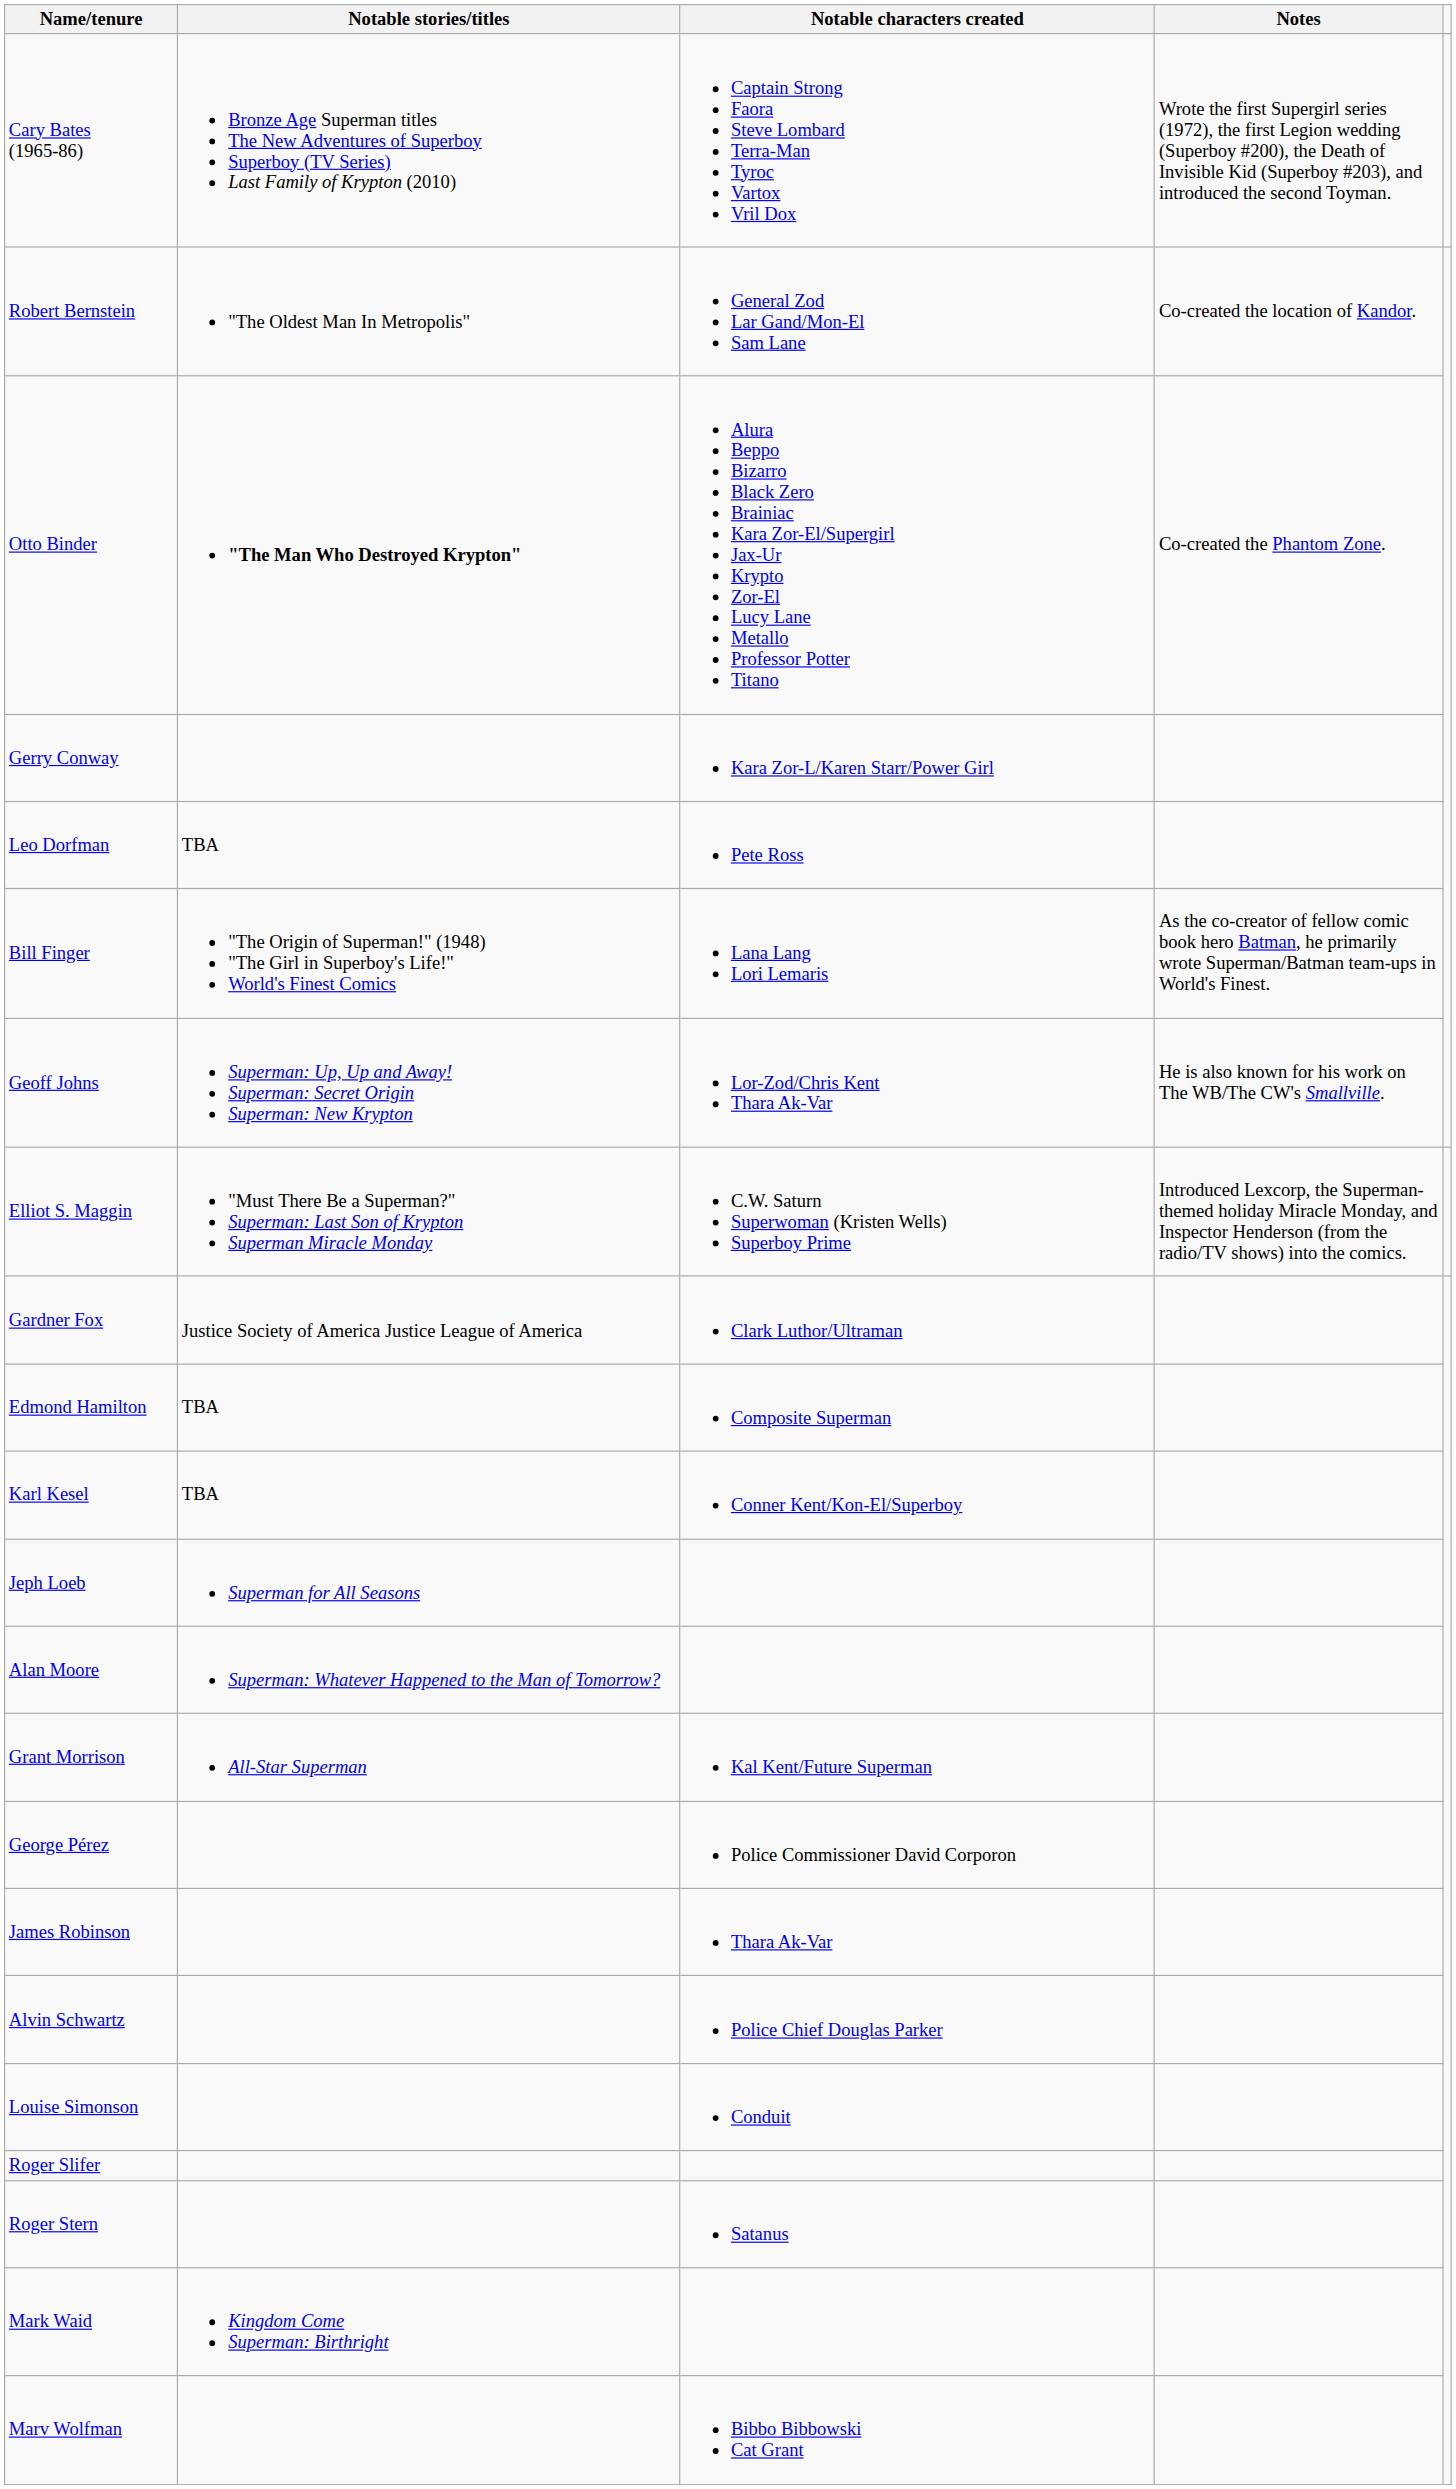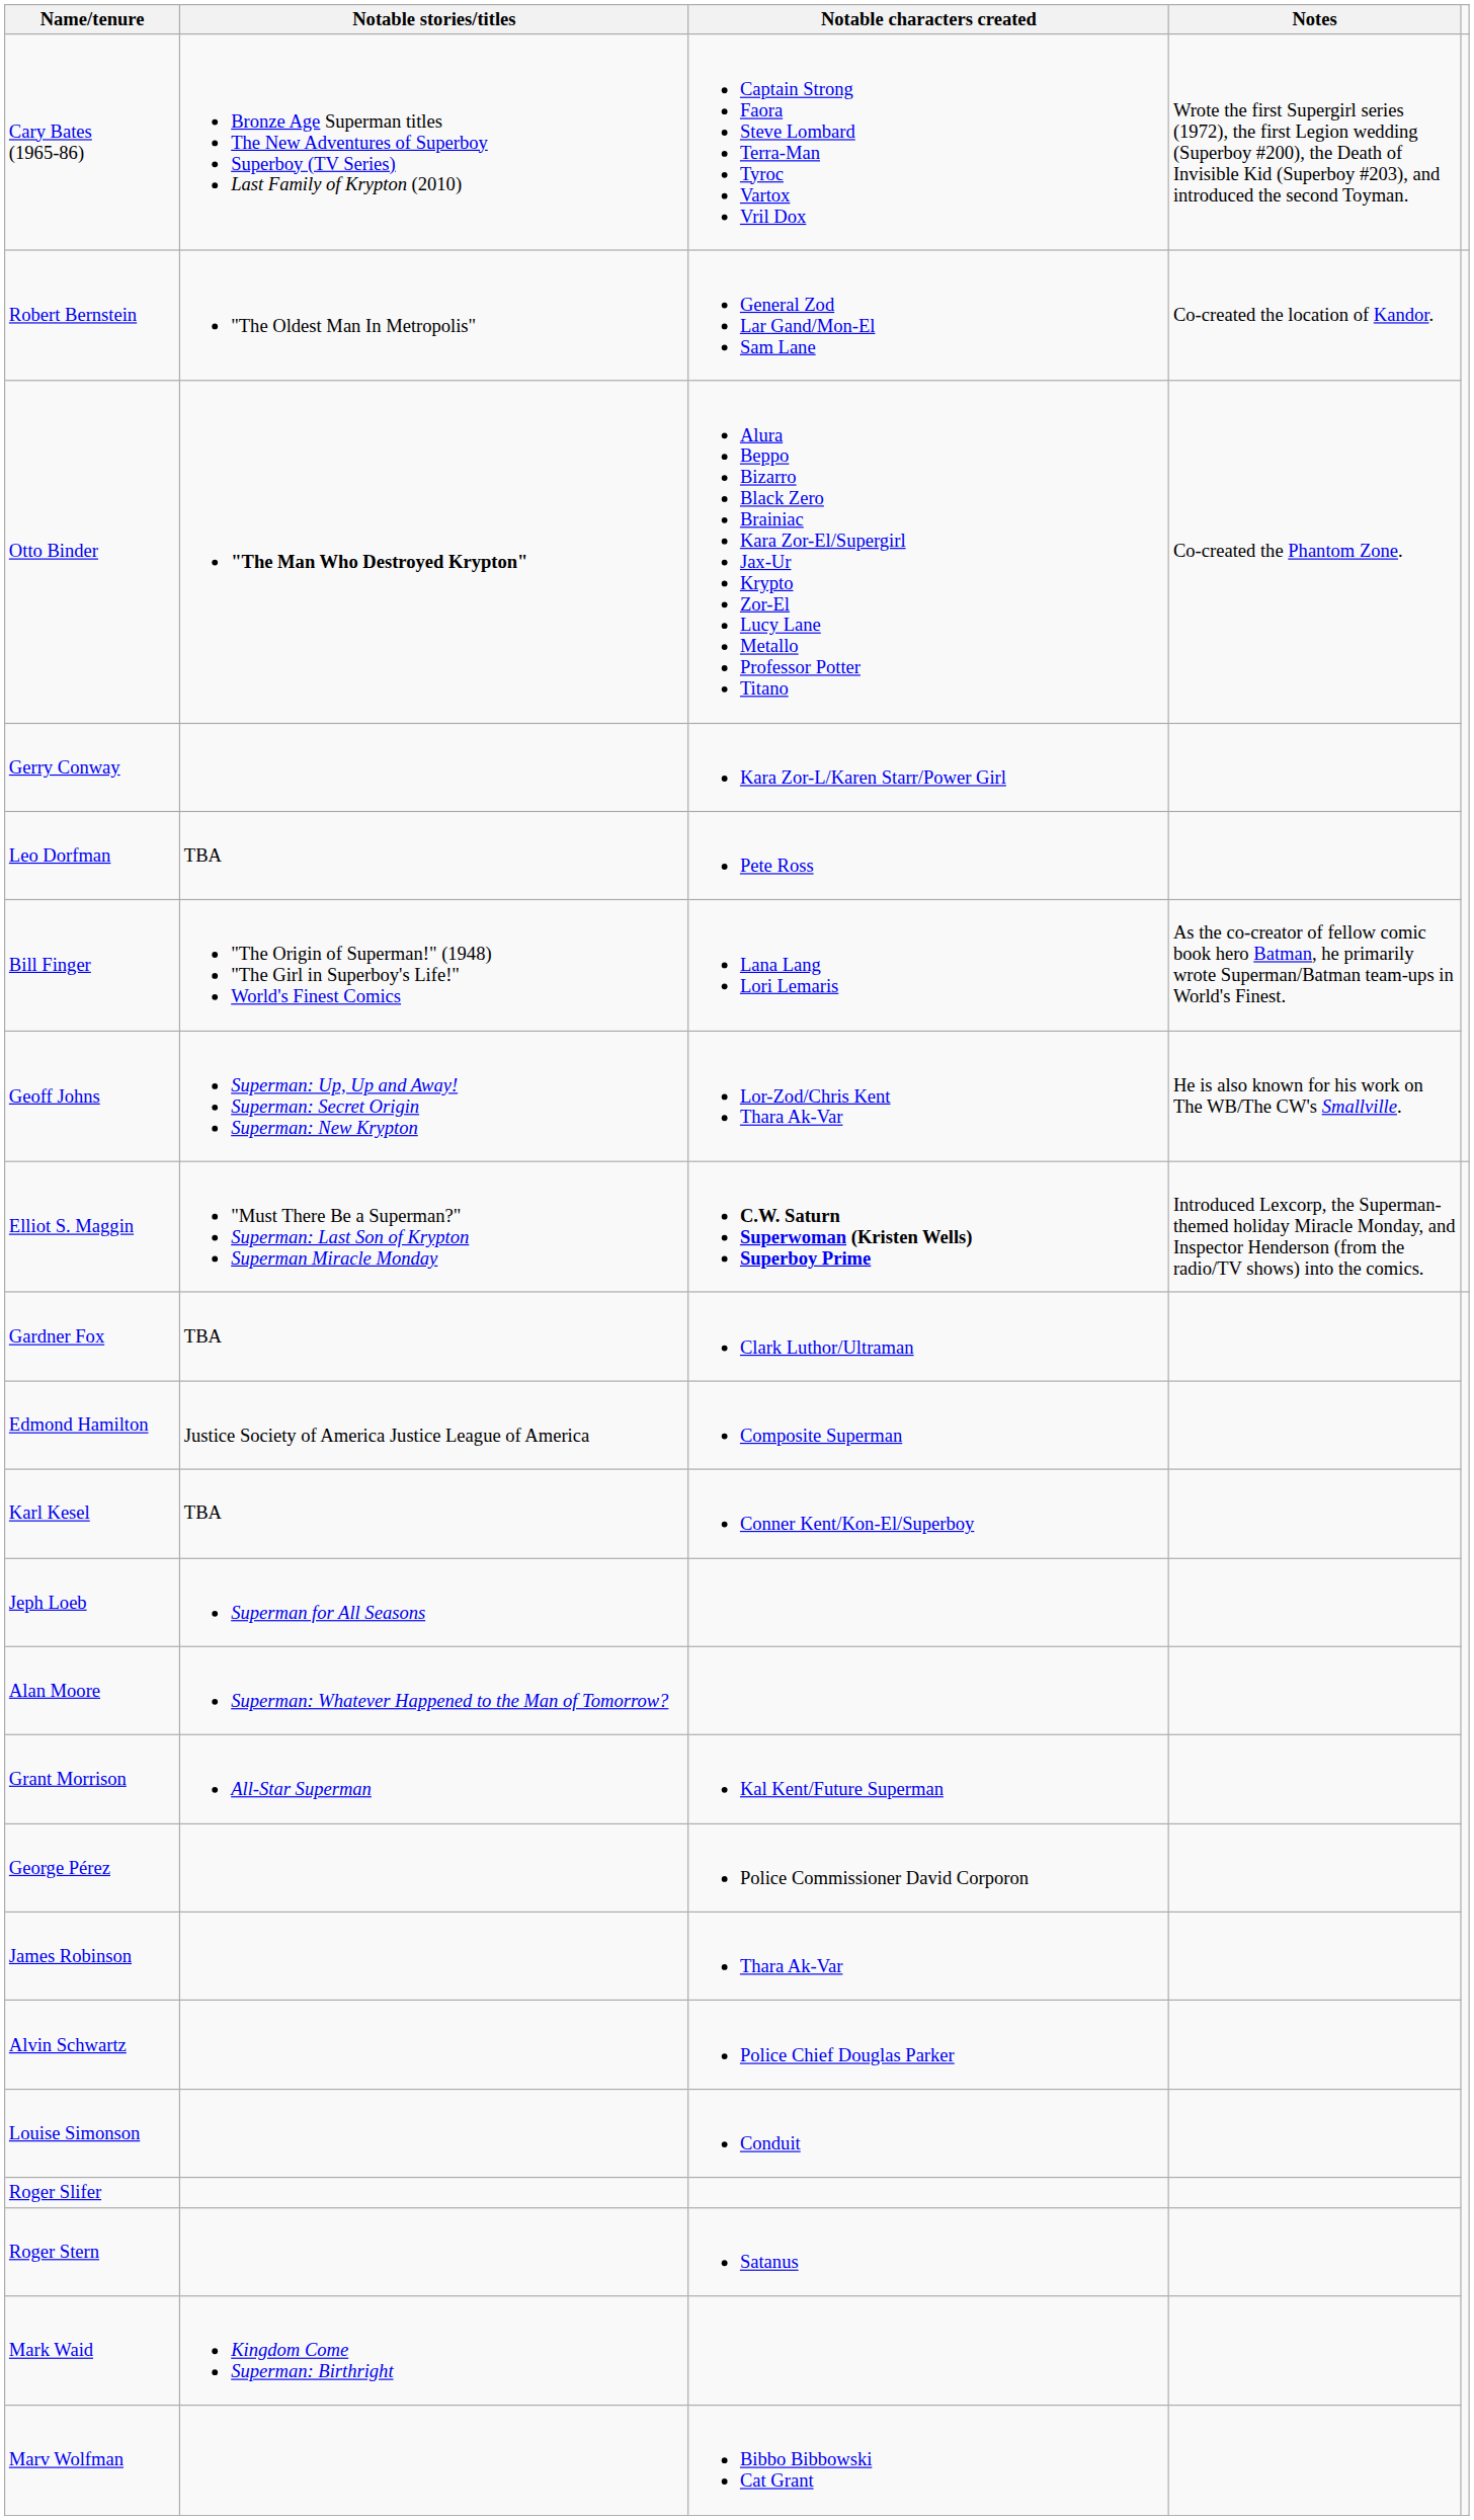 <table class="wikitable">
 <tr>
 <th width="12%">Name/tenure</th>
 <th width="35%">Notable stories/titles</th>
 <th width="33%">Notable characters created</th>
 <th width="25%">Notes</th>
 </tr>
 <tr>
 <td><a href='#'>Cary Bates</a><br>(1965-86)</td>
 <td><br><ul><li><a href='#'>Bronze Age</a> Superman titles</li><li><a href='#'>The New Adventures of Superboy</a></li><li><a href='#'>Superboy (TV Series)</a></li><li><em>Last Family of Krypton</em> (2010)</li></ul></td>
 <td><br><ul><li><a href='#'>Captain Strong</a></li><li><a href='#'>Faora</a></li><li><a href='#'>Steve Lombard</a></li><li><a href='#'>Terra-Man</a></li><li><a href='#'>Tyroc</a></li><li><a href='#'>Vartox</a></li><li><a href='#'>Vril Dox</a></li></ul></td>
 <td><br>Wrote the first Supergirl series (1972), the first Legion wedding (Superboy #200), the Death of Invisible Kid (Superboy #203), and introduced the second Toyman.</td>
 <td></td>
 </tr>
 <tr>
 <td><a href='#'>Robert Bernstein</a></td>
 <td><br><ul><li>"The Oldest Man In Metropolis"</li></ul></td>
 <td><br><ul><li><a href='#'>General Zod</a></li><li><a href='#'>Lar Gand/Mon-El</a></li><li><a href='#'>Sam Lane</a></li></ul></td>
 <td>Co-created the location of <a href='#'>Kandor</a>.</td>
 </tr>
 <tr>
 <td><a href='#'>Otto Binder</a></td>
 <td><strong><br><ul><li>"The Man Who Destroyed Krypton"</li></ul></strong></td>
 <td><br><ul><li><a href='#'>Alura</a></li><li><a href='#'>Beppo</a></li><li><a href='#'>Bizarro</a></li><li><a href='#'>Black Zero</a></li><li><a href='#'>Brainiac</a></li><li><a href='#'>Kara Zor-El/Supergirl</a></li><li><a href='#'>Jax-Ur</a></li><li><a href='#'>Krypto</a></li><li><a href='#'>Zor-El</a></li><li><a href='#'>Lucy Lane</a></li><li><a href='#'>Metallo</a></li><li><a href='#'>Professor Potter</a></li><li><a href='#'>Titano</a></li></ul></td>
 <td>Co-created the <a href='#'>Phantom Zone</a>.</td>
 </tr>
 <tr>
 <td><a href='#'>Gerry Conway</a></td>
 <td></td>
 <td><br><ul><li><a href='#'>Kara Zor-L/Karen Starr/Power Girl</a></li></ul></td>
 <td></td>
 </tr>
 <tr>
 <td><a href='#'>Leo Dorfman</a></td>
 <td>TBA</td>
 <td><br><ul><li><a href='#'>Pete Ross</a></li></ul></td>
 <td></td>
 </tr>
 <tr>
 <td><a href='#'>Bill Finger</a></td>
 <td><br><ul><li>"The Origin of Superman!" (1948)</li><li>"The Girl in Superboy's Life!"</li><li><a href='#'>World's Finest Comics</a></li></ul></td>
 <td><br><ul><li><a href='#'>Lana Lang</a></li><li><a href='#'>Lori Lemaris</a></li></ul></td>
 <td>As the co-creator of fellow comic book hero <a href='#'>Batman</a>, he primarily wrote Superman/Batman team-ups in World's Finest.</td>
 </tr>
 <tr>
 <td><a href='#'>Geoff Johns</a></td>
 <td><br><ul><li><em><a href='#'>Superman: Up, Up and Away!</a></em></li><li><em><a href='#'>Superman: Secret Origin</a></em></li><li><em><a href='#'>Superman: New Krypton</a></em></li></ul></td>
 <td><br><ul><li><a href='#'>Lor-Zod/Chris Kent</a></li><li><a href='#'>Thara Ak-Var</a></li></ul></td>
 <td>He is also known for his work on The WB/The CW's <em><a href='#'>Smallville</a></em>.</td>
 </tr>
 <tr>
 <td><a href='#'>Elliot S. Maggin</a></td>
 <td><br><ul><li>"Must There Be a Superman?"</li><li><em><a href='#'>Superman: Last Son of Krypton</a></em></li><li><em><a href='#'>Superman Miracle Monday</a></em></li></ul></td>
-<td><br><ul><li>C.W. Saturn</li><li><a href='#'>Superwoman</a> (Kristen Wells)</li><li><a href='#'>Superboy Prime</a></li></ul></td>
+<td><strong><br><ul><li>C.W. Saturn</li><li><a href='#'>Superwoman</a> (Kristen Wells)</li><li><a href='#'>Superboy Prime</a></li></ul></strong></td>
 <td><br>Introduced Lexcorp, the Superman-themed holiday Miracle Monday, and Inspector Henderson (from the radio/TV shows) into the comics.</td>
 <td></td>
 </tr>
 <tr>
 <td><a href='#'>Gardner Fox</a></td>
-<td><br>Justice Society of America Justice League of America</td>
+<td>TBA</td>
 <td><br><ul><li><a href='#'>Clark Luthor/Ultraman</a></li></ul></td>
 <td></td>
 </tr>
 <tr>
 <td><a href='#'>Edmond Hamilton</a></td>
-<td>TBA</td>
+<td><br>Justice Society of America Justice League of America</td>
 <td><br><ul><li><a href='#'>Composite Superman</a></li></ul></td>
 <td></td>
 </tr>
 <tr>
 <td><a href='#'>Karl Kesel</a></td>
 <td>TBA</td>
 <td><br><ul><li><a href='#'>Conner Kent/Kon-El/Superboy</a></li></ul></td>
 <td></td>
 </tr>
 <tr>
 <td><a href='#'>Jeph Loeb</a></td>
 <td><br><ul><li><em><a href='#'>Superman for All Seasons</a></em></li></ul></td>
 <td></td>
 <td></td>
 </tr>
 <tr>
 <td><a href='#'>Alan Moore</a></td>
 <td><br><ul><li><em><a href='#'>Superman: Whatever Happened to the Man of Tomorrow?</a></em></li></ul></td>
 <td></td>
 <td></td>
 </tr>
 <tr>
 <td><a href='#'>Grant Morrison</a></td>
 <td><br><ul><li><em><a href='#'>All-Star Superman</a></em></li></ul></td>
 <td><br><ul><li><a href='#'>Kal Kent/Future Superman</a></li></ul></td>
 <td></td>
 </tr>
 <tr>
 <td><a href='#'>George Pérez</a></td>
 <td></td>
 <td><br><ul><li>Police Commissioner David Corporon</li></ul></td>
 <td></td>
 </tr>
 <tr>
 <td><a href='#'>James Robinson</a></td>
 <td></td>
 <td><br><ul><li><a href='#'>Thara Ak-Var</a></li></ul></td>
 <td></td>
 </tr>
 <tr>
 <td><a href='#'>Alvin Schwartz</a></td>
 <td></td>
 <td><br><ul><li><a href='#'>Police Chief Douglas Parker</a></li></ul></td>
 <td></td>
 </tr>
 <tr>
 <td><a href='#'>Louise Simonson</a></td>
 <td></td>
 <td><br><ul><li><a href='#'>Conduit</a></li></ul></td>
 <td></td>
 </tr>
 <tr>
 <td><a href='#'>Roger Slifer</a></td>
 <td></td>
 <td></td>
 <td></td>
 </tr>
 <tr>
 <td><a href='#'>Roger Stern</a></td>
 <td></td>
 <td><br><ul><li><a href='#'>Satanus</a></li></ul></td>
 <td></td>
 </tr>
 <tr>
 <td><a href='#'>Mark Waid</a></td>
 <td><br><ul><li><em><a href='#'>Kingdom Come</a></em></li><li><em><a href='#'>Superman: Birthright</a></em></li></ul></td>
 <td></td>
 <td></td>
 </tr>
 <tr>
 <td><a href='#'>Marv Wolfman</a></td>
 <td></td>
 <td><br><ul><li><a href='#'>Bibbo Bibbowski</a></li><li><a href='#'>Cat Grant</a></li></ul></td>
 <td></td>
 </tr>
 </table>
